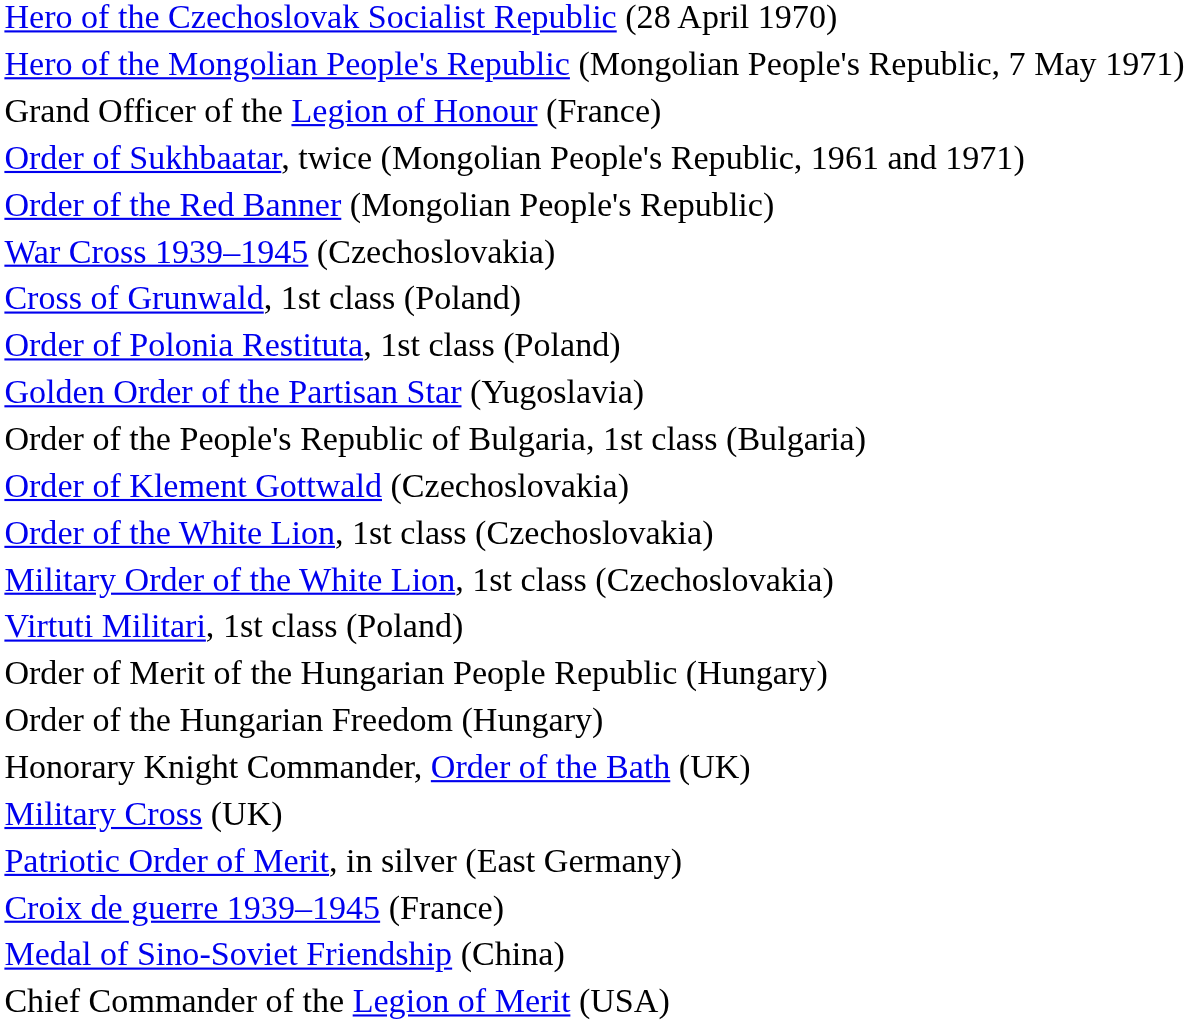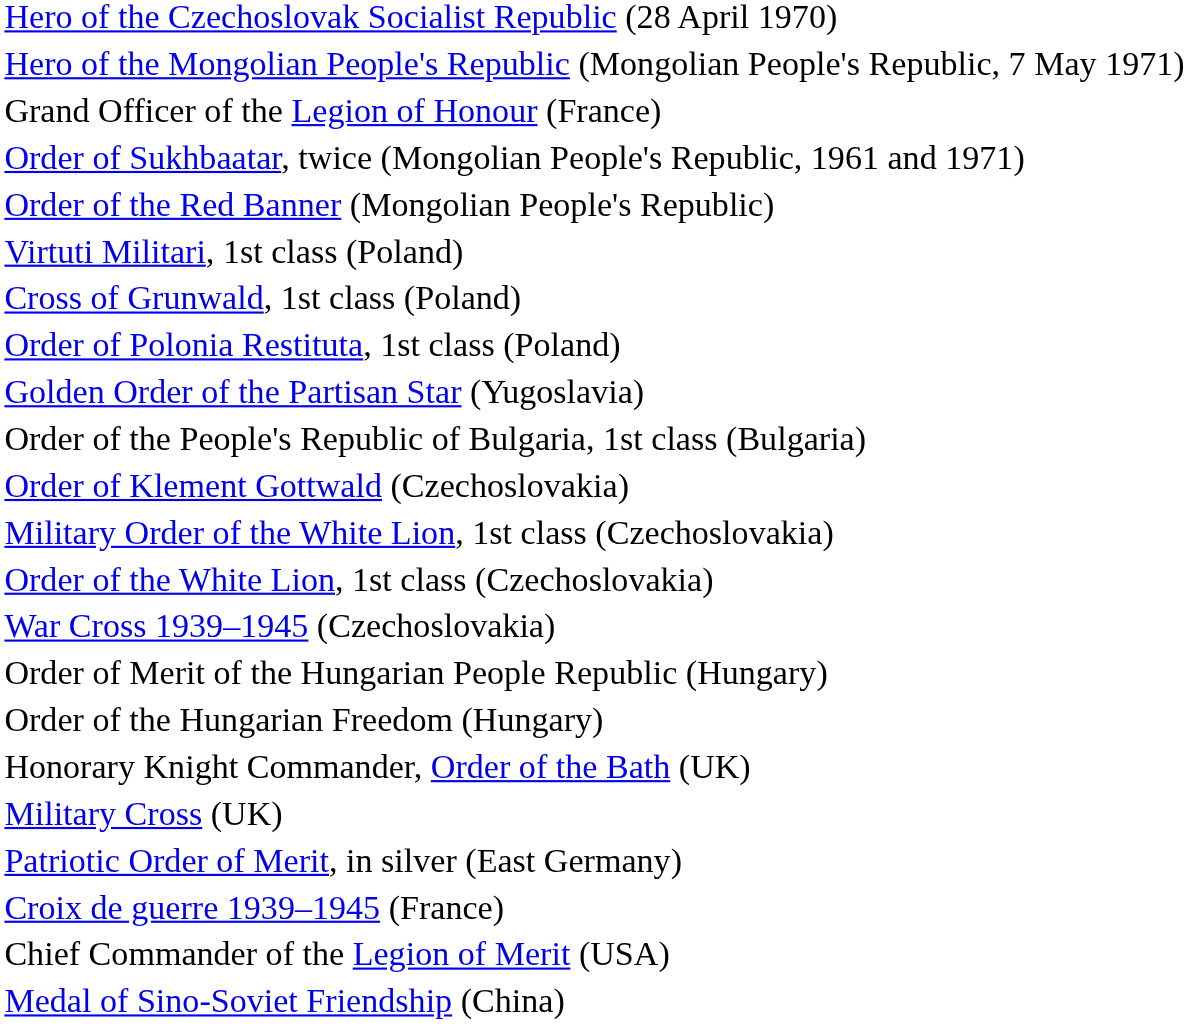 <table>
 <tr>
 <td><a href='#'>Hero of the Czechoslovak Socialist Republic</a> (28 April 1970)</td>
 </tr>
 <tr>
 <td><a href='#'>Hero of the Mongolian People's Republic</a> (Mongolian People's Republic, 7 May 1971)</td>
 </tr>
 <tr>
 <td>Grand Officer of the <a href='#'>Legion of Honour</a> (France)</td>
 </tr>
 <tr>
 <td><a href='#'>Order of Sukhbaatar</a>, twice (Mongolian People's Republic, 1961 and 1971)</td>
 </tr>
 <tr>
 <td><a href='#'>Order of the Red Banner</a> (Mongolian People's Republic)</td>
 </tr>
 <tr>
-<td><a href='#'>War Cross 1939–1945</a> (Czechoslovakia)</td>
+<td><a href='#'>Virtuti Militari</a>, 1st class (Poland)</td>
 </tr>
 <tr>
 <td><a href='#'>Cross of Grunwald</a>, 1st class (Poland)</td>
 </tr>
 <tr>
 <td><a href='#'>Order of Polonia Restituta</a>, 1st class (Poland)</td>
 </tr>
 <tr>
 <td><a href='#'>Golden Order of the Partisan Star</a> (Yugoslavia)</td>
 </tr>
 <tr>
 <td>Order of the People's Republic of Bulgaria, 1st class (Bulgaria)</td>
 </tr>
 <tr>
 <td><a href='#'>Order of Klement Gottwald</a> (Czechoslovakia)</td>
 </tr>
 <tr>
+<td><a href='#'>Military Order of the White Lion</a>, 1st class (Czechoslovakia)</td>
+</tr>
+<tr>
 <td><a href='#'>Order of the White Lion</a>, 1st class (Czechoslovakia)</td>
 </tr>
 <tr>
-<td><a href='#'>Military Order of the White Lion</a>, 1st class (Czechoslovakia)</td>
-</tr>
-<tr>
-<td><a href='#'>Virtuti Militari</a>, 1st class (Poland)</td>
+<td><a href='#'>War Cross 1939–1945</a> (Czechoslovakia)</td>
 </tr>
 <tr>
 <td>Order of Merit of the Hungarian People Republic (Hungary)</td>
 </tr>
 <tr>
 <td>Order of the Hungarian Freedom (Hungary)</td>
 </tr>
 <tr>
 <td>Honorary Knight Commander, <a href='#'>Order of the Bath</a> (UK)</td>
 </tr>
 <tr>
 <td><a href='#'>Military Cross</a> (UK)</td>
 </tr>
 <tr>
 <td><a href='#'>Patriotic Order of Merit</a>, in silver (East Germany)</td>
 </tr>
 <tr>
 <td><a href='#'>Croix de guerre 1939–1945</a> (France)</td>
 </tr>
 <tr>
+<td>Chief Commander of the <a href='#'>Legion of Merit</a> (USA)</td>
+</tr>
+<tr>
 <td><a href='#'>Medal of Sino-Soviet Friendship</a> (China)</td>
 </tr>
-<tr>
-<td>Chief Commander of the <a href='#'>Legion of Merit</a> (USA)</td>
-</tr>
 </table>
